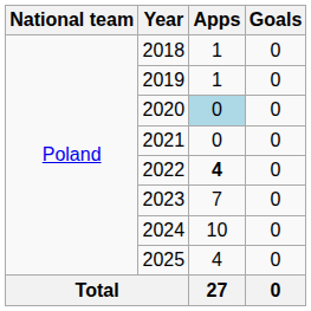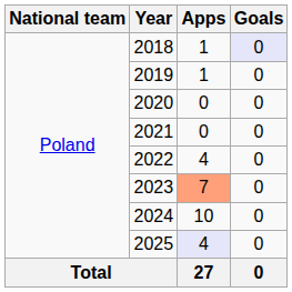 <table class="wikitable" style="text-align:center">
 <tr>
 <th>National team</th>
 <th>Year</th>
 <th>Apps</th>
 <th>Goals</th>
 </tr>
 <tr>
 <td rowspan="8"><a href='#'>Poland</a></td>
 <td>2018</td>
 <td>1</td>
-<td>0</td>
+<td style="background: lavender;">0</td>
 </tr>
 <tr>
 <td>2019</td>
 <td>1</td>
 <td>0</td>
 </tr>
 <tr>
 <td>2020</td>
-<td style="background: lightblue;">0</td>
+<td>0</td>
 <td>0</td>
 </tr>
 <tr>
 <td>2021</td>
 <td>0</td>
 <td>0</td>
 </tr>
 <tr>
 <td>2022</td>
-<td><strong>4</strong></td>
+<td>4</td>
 <td>0</td>
 </tr>
 <tr>
 <td>2023</td>
-<td>7</td>
+<td style="background: lightsalmon;">7</td>
 <td>0</td>
 </tr>
 <tr>
 <td>2024</td>
 <td>10</td>
 <td>0</td>
 </tr>
 <tr>
 <td>2025</td>
-<td>4</td>
+<td style="background: lavender;">4</td>
 <td>0</td>
 </tr>
 <tr>
 <th colspan="2">Total</th>
 <th>27</th>
 <th>0</th>
 </tr>
 </table>
